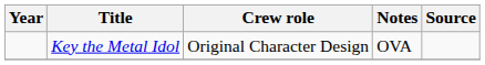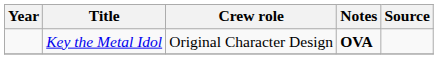 <table class="wikitable sortable plainrowheaders">
 <tr>
 <th>Year</th>
 <th>Title</th>
 <th>Crew role</th>
 <th class="unsortable">Notes</th>
 <th class="unsortable">Source</th>
 </tr>
 <tr>
 <td></td>
 <td><em><a href='#'>Key the Metal Idol</a></em></td>
 <td>Original Character Design</td>
-<td>OVA</td>
+<td><strong>OVA</strong></td>
 <td></td>
 </tr>
 <tr>
 </tr>
 </table>
